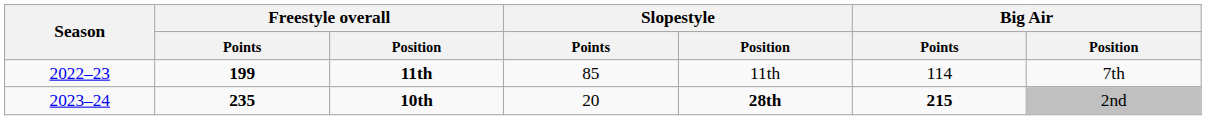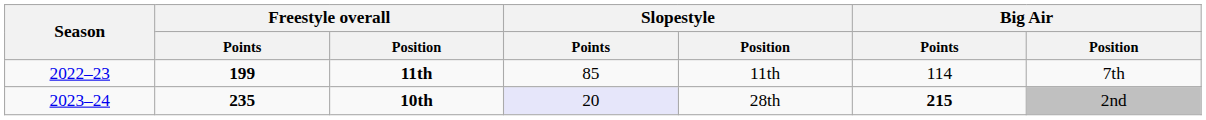 <table class="wikitable" style="text-align:center;" width="70%">
 <tr class="hintergrundfarbe5">
 <th rowspan="2" style="width:4%;">Season</th>
 <th colspan="2">Freestyle overall</th>
 <th colspan="2">Slopestyle</th>
 <th colspan="2">Big Air</th>
 </tr>
 <tr class="hintergrundfarbe5">
 <th style="width:5%;"><small>Points</small></th>
 <th style="width:5%;"><small>Position</small></th>
 <th style="width:5%;"><small>Points</small></th>
 <th style="width:5%;"><small>Position</small></th>
 <th style="width:5%;"><small>Points</small></th>
 <th style="width:5%;"><small>Position</small></th>
 </tr>
 <tr>
 <td><a href='#'>2022–23</a></td>
 <td><strong>199</strong></td>
 <td><strong>11th</strong></td>
 <td>85</td>
 <td>11th</td>
 <td>114</td>
 <td>7th</td>
 </tr>
 <tr>
 <td><a href='#'>2023–24</a></td>
 <td><strong>235</strong></td>
 <td><strong>10th</strong></td>
-<td>20</td>
-<td><strong>28th</strong></td>
+<td style="background: lavender;">20</td>
+<td>28th</td>
 <td><strong>215</strong></td>
 <td style="background:silver">2nd</td>
 </tr>
 </table>
